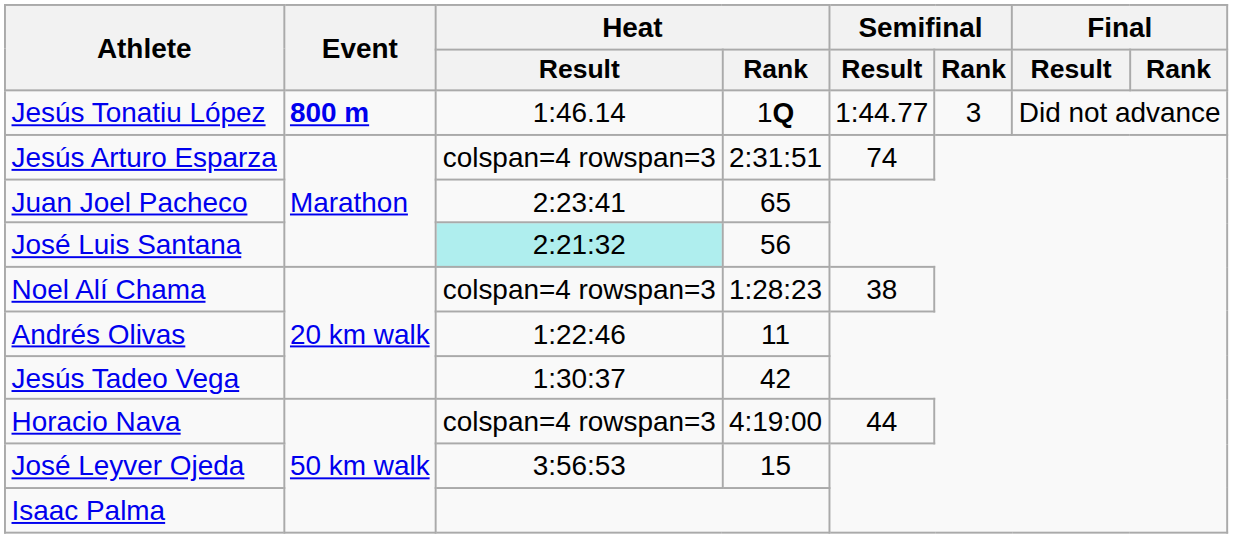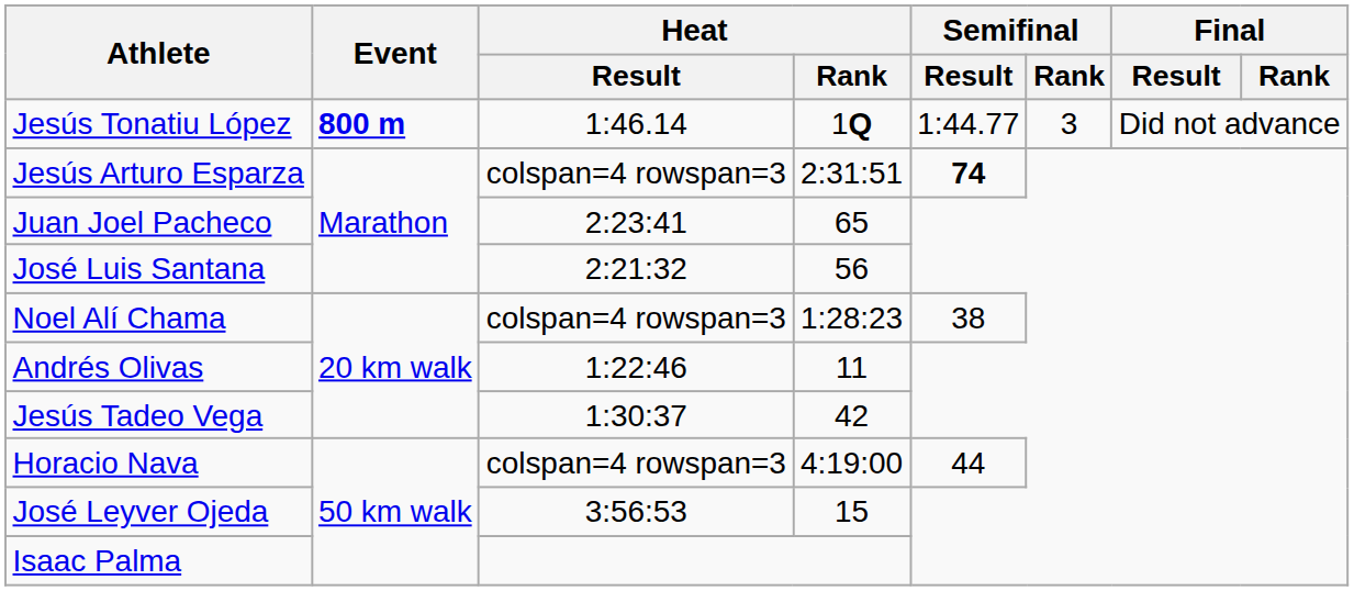 <table class="wikitable" style="font-size:90%">
 <tr>
 <th rowspan="2">Athlete</th>
 <th rowspan="2">Event</th>
 <th colspan="2">Heat</th>
 <th colspan="2">Semifinal</th>
 <th colspan="2">Final</th>
 </tr>
 <tr style="font-size:95%">
 <th>Result</th>
 <th>Rank</th>
 <th>Result</th>
 <th>Rank</th>
 <th>Result</th>
 <th>Rank</th>
 </tr>
 <tr align=center>
 <td align=left><a href='#'>Jesús Tonatiu López</a></td>
 <td align=left><strong><a href='#'>800 m</a></strong></td>
 <td>1:46.14</td>
 <td>1<strong>Q</strong></td>
 <td>1:44.77</td>
 <td>3</td>
 <td colspan=2>Did not advance</td>
 </tr>
 <tr align=center>
 <td align=left><a href='#'>Jesús Arturo Esparza</a></td>
 <td align=left rowspan=3><a href='#'>Marathon</a></td>
 <td>colspan=4 rowspan=3 </td>
 <td>2:31:51</td>
-<td>74</td>
+<td><strong>74</strong></td>
 </tr>
 <tr align=center>
 <td align=left><a href='#'>Juan Joel Pacheco</a></td>
 <td>2:23:41</td>
 <td>65</td>
 </tr>
 <tr align=center>
 <td align=left><a href='#'>José Luis Santana</a></td>
-<td style="background: paleturquoise;">2:21:32</td>
+<td>2:21:32</td>
 <td>56</td>
 </tr>
 <tr align=center>
 <td align=left><a href='#'>Noel Alí Chama</a></td>
 <td align=left rowspan=3><a href='#'>20 km walk</a></td>
 <td>colspan=4 rowspan=3 </td>
 <td>1:28:23</td>
 <td>38</td>
 </tr>
 <tr align=center>
 <td align=left><a href='#'>Andrés Olivas</a></td>
 <td>1:22:46</td>
 <td>11</td>
 </tr>
 <tr align=center>
 <td align=left><a href='#'>Jesús Tadeo Vega</a></td>
 <td>1:30:37</td>
 <td>42</td>
 </tr>
 <tr align=center>
 <td align=left><a href='#'>Horacio Nava</a></td>
 <td rowspan="3" align="left"><a href='#'>50 km walk</a></td>
 <td>colspan=4 rowspan=3 </td>
 <td>4:19:00</td>
 <td>44</td>
 </tr>
 <tr align=center>
 <td align=left><a href='#'>José Leyver Ojeda</a></td>
 <td>3:56:53</td>
 <td>15</td>
 </tr>
 <tr align=center>
 <td align=left><a href='#'>Isaac Palma</a></td>
 <td colspan=2></td>
 </tr>
 </table>
